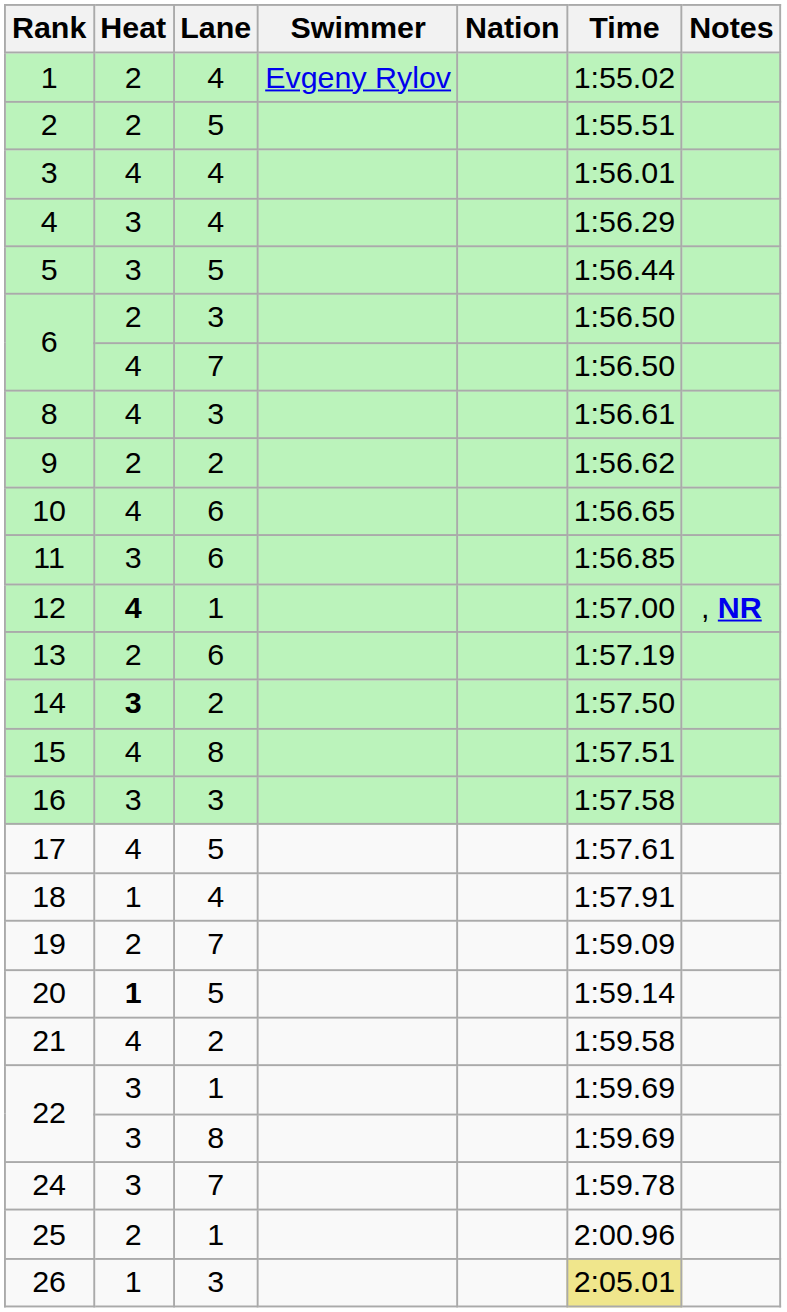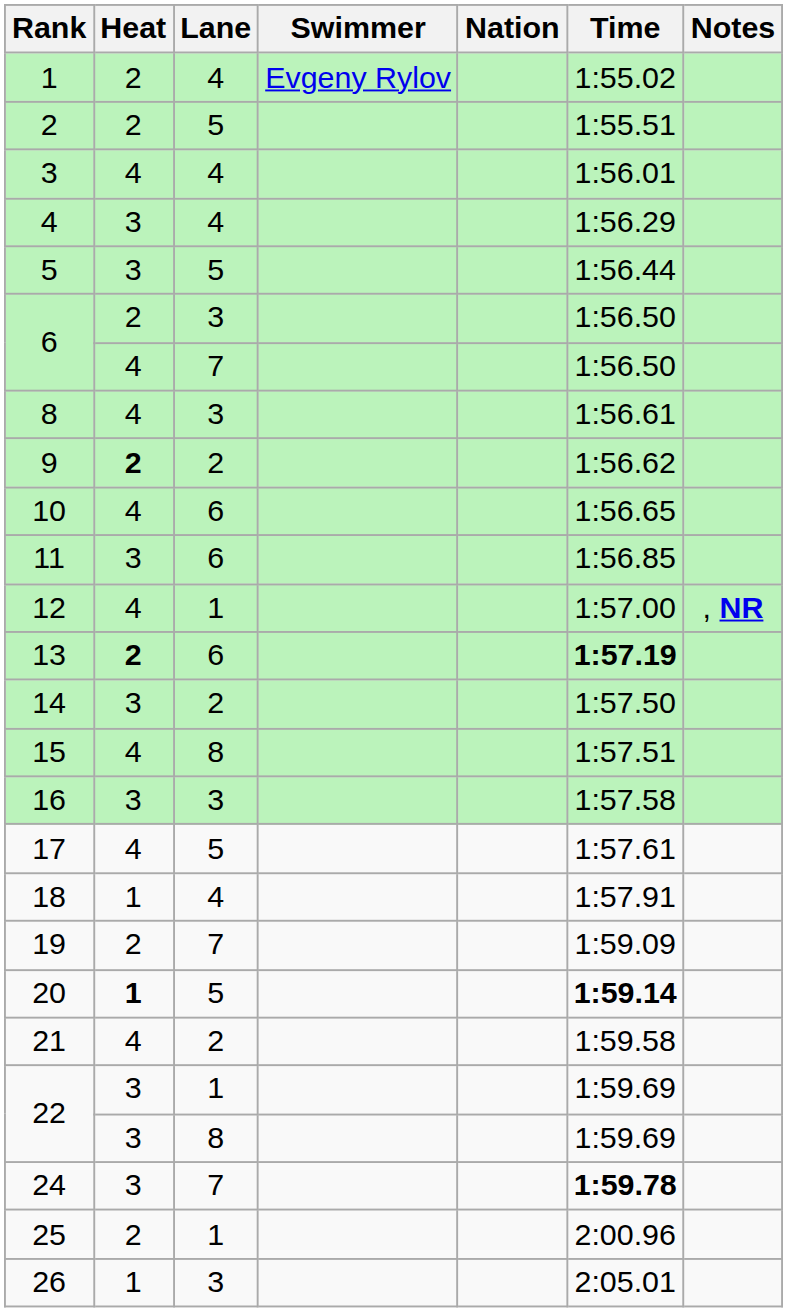 <table class="wikitable sortable" style="text-align:center">
 <tr>
 <th>Rank</th>
 <th>Heat</th>
 <th>Lane</th>
 <th>Swimmer</th>
 <th>Nation</th>
 <th>Time</th>
 <th>Notes</th>
 </tr>
 <tr bgcolor=bbf3bb>
 <td>1</td>
 <td>2</td>
 <td>4</td>
 <td align=left><a href='#'>Evgeny Rylov</a></td>
 <td align=left></td>
 <td>1:55.02</td>
 <td></td>
 </tr>
 <tr bgcolor=bbf3bb>
 <td>2</td>
 <td>2</td>
 <td>5</td>
 <td align=left></td>
 <td align=left></td>
 <td>1:55.51</td>
 <td></td>
 </tr>
 <tr bgcolor=bbf3bb>
 <td>3</td>
 <td>4</td>
 <td>4</td>
 <td align=left></td>
 <td align=left></td>
 <td>1:56.01</td>
 <td></td>
 </tr>
 <tr bgcolor=bbf3bb>
 <td>4</td>
 <td>3</td>
 <td>4</td>
 <td align=left></td>
 <td align=left></td>
 <td>1:56.29</td>
 <td></td>
 </tr>
 <tr bgcolor=bbf3bb>
 <td>5</td>
 <td>3</td>
 <td>5</td>
 <td align=left></td>
 <td align=left></td>
 <td>1:56.44</td>
 <td></td>
 </tr>
 <tr bgcolor=bbf3bb>
 <td rowspan=2>6</td>
 <td>2</td>
 <td>3</td>
 <td align=left></td>
 <td align=left></td>
 <td>1:56.50</td>
 <td></td>
 </tr>
 <tr bgcolor=bbf3bb>
 <td>4</td>
 <td>7</td>
 <td align=left></td>
 <td align=left></td>
 <td>1:56.50</td>
 <td></td>
 </tr>
 <tr bgcolor=bbf3bb>
 <td>8</td>
 <td>4</td>
 <td>3</td>
 <td align=left></td>
 <td align=left></td>
 <td>1:56.61</td>
 <td></td>
 </tr>
 <tr bgcolor=bbf3bb>
 <td>9</td>
-<td>2</td>
+<td><strong>2</strong></td>
 <td>2</td>
 <td align=left></td>
 <td align=left></td>
 <td>1:56.62</td>
 <td></td>
 </tr>
 <tr bgcolor=bbf3bb>
 <td>10</td>
 <td>4</td>
 <td>6</td>
 <td align=left></td>
 <td align=left></td>
 <td>1:56.65</td>
 <td></td>
 </tr>
 <tr bgcolor=bbf3bb>
 <td>11</td>
 <td>3</td>
 <td>6</td>
 <td align=left></td>
 <td align=left></td>
 <td>1:56.85</td>
 <td></td>
 </tr>
 <tr bgcolor=bbf3bb>
 <td>12</td>
-<td><strong>4</strong></td>
+<td>4</td>
 <td>1</td>
 <td align=left></td>
 <td align=left></td>
 <td>1:57.00</td>
 <td>, <strong><a href='#'>NR</a></strong></td>
 </tr>
 <tr bgcolor=bbf3bb>
 <td>13</td>
-<td>2</td>
+<td><strong>2</strong></td>
 <td>6</td>
 <td align=left></td>
 <td align=left></td>
-<td>1:57.19</td>
+<td><strong>1:57.19</strong></td>
 <td></td>
 </tr>
 <tr bgcolor=bbf3bb>
 <td>14</td>
-<td><strong>3</strong></td>
+<td>3</td>
 <td>2</td>
 <td align=left></td>
 <td align=left></td>
 <td>1:57.50</td>
 <td></td>
 </tr>
 <tr bgcolor=bbf3bb>
 <td>15</td>
 <td>4</td>
 <td>8</td>
 <td align=left></td>
 <td align=left></td>
 <td>1:57.51</td>
 <td></td>
 </tr>
 <tr bgcolor=bbf3bb>
 <td>16</td>
 <td>3</td>
 <td>3</td>
 <td align=left></td>
 <td align=left></td>
 <td>1:57.58</td>
 <td></td>
 </tr>
 <tr>
 <td>17</td>
 <td>4</td>
 <td>5</td>
 <td align=left></td>
 <td align=left></td>
 <td>1:57.61</td>
 <td></td>
 </tr>
 <tr>
 <td>18</td>
 <td>1</td>
 <td>4</td>
 <td align=left></td>
 <td align=left></td>
 <td>1:57.91</td>
 <td></td>
 </tr>
 <tr>
 <td>19</td>
 <td>2</td>
 <td>7</td>
 <td align=left></td>
 <td align=left></td>
 <td>1:59.09</td>
 <td></td>
 </tr>
 <tr>
 <td>20</td>
 <td><strong>1</strong></td>
 <td>5</td>
 <td align=left></td>
 <td align=left></td>
-<td>1:59.14</td>
+<td><strong>1:59.14</strong></td>
 <td></td>
 </tr>
 <tr>
 <td>21</td>
 <td>4</td>
 <td>2</td>
 <td align=left></td>
 <td align=left></td>
 <td>1:59.58</td>
 <td></td>
 </tr>
 <tr>
 <td rowspan=2>22</td>
 <td>3</td>
 <td>1</td>
 <td align=left></td>
 <td align=left></td>
 <td>1:59.69</td>
 <td></td>
 </tr>
 <tr>
 <td>3</td>
 <td>8</td>
 <td align=left></td>
 <td align=left></td>
 <td>1:59.69</td>
 <td></td>
 </tr>
 <tr>
 <td>24</td>
 <td>3</td>
 <td>7</td>
 <td align=left></td>
 <td align=left></td>
-<td>1:59.78</td>
+<td><strong>1:59.78</strong></td>
 <td></td>
 </tr>
 <tr>
 <td>25</td>
 <td>2</td>
 <td>1</td>
 <td align=left></td>
 <td align=left></td>
 <td>2:00.96</td>
 <td></td>
 </tr>
 <tr>
 <td>26</td>
 <td>1</td>
 <td>3</td>
 <td align=left></td>
 <td align=left></td>
-<td style="background: khaki;">2:05.01</td>
+<td>2:05.01</td>
 <td></td>
 </tr>
 </table>
